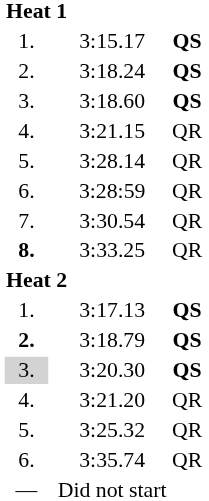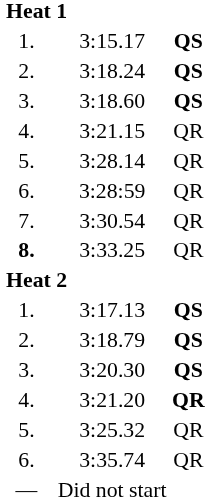 <table style="text-align:center">
 <tr>
 <td colspan=4 align=left><strong>Heat 1</strong></td>
 </tr>
 <tr>
 <td width=30>1.</td>
 <td align=left></td>
 <td width=80>3:15.17</td>
 <td><strong>QS</strong></td>
 </tr>
 <tr>
 <td>2.</td>
 <td align=left></td>
 <td>3:18.24</td>
 <td><strong>QS</strong></td>
 </tr>
 <tr>
 <td>3.</td>
 <td align=left></td>
 <td>3:18.60</td>
 <td><strong>QS</strong></td>
 </tr>
 <tr>
 <td>4.</td>
 <td align=left></td>
 <td>3:21.15</td>
 <td>QR</td>
 </tr>
 <tr>
 <td>5.</td>
 <td align=left></td>
 <td>3:28.14</td>
 <td>QR</td>
 </tr>
 <tr>
 <td>6.</td>
 <td align=left></td>
 <td>3:28:59</td>
 <td>QR</td>
 </tr>
 <tr>
 <td>7.</td>
 <td align=left></td>
 <td>3:30.54</td>
 <td>QR</td>
 </tr>
 <tr>
 <td><strong>8.</strong></td>
 <td align=left></td>
 <td>3:33.25</td>
 <td>QR</td>
 </tr>
 <tr>
 <td colspan=4 align=left><strong>Heat 2</strong></td>
 </tr>
 <tr>
 <td>1.</td>
 <td align=left></td>
 <td>3:17.13</td>
 <td><strong>QS</strong></td>
 </tr>
 <tr>
-<td><strong>2.</strong></td>
+<td>2.</td>
 <td align=left></td>
 <td>3:18.79</td>
 <td><strong>QS</strong></td>
 </tr>
 <tr>
-<td style="background: lightgrey;">3.</td>
+<td>3.</td>
 <td align=left></td>
 <td>3:20.30</td>
 <td><strong>QS</strong></td>
 </tr>
 <tr>
 <td>4.</td>
 <td align=left></td>
 <td>3:21.20</td>
-<td>QR</td>
+<td><strong>QR</strong></td>
 </tr>
 <tr>
 <td>5.</td>
 <td align=left></td>
 <td>3:25.32</td>
 <td>QR</td>
 </tr>
 <tr>
 <td>6.</td>
 <td align=left></td>
 <td>3:35.74</td>
 <td>QR</td>
 </tr>
 <tr>
 <td>—</td>
 <td align=left></td>
 <td>Did not start</td>
 <td></td>
 </tr>
 </table>
